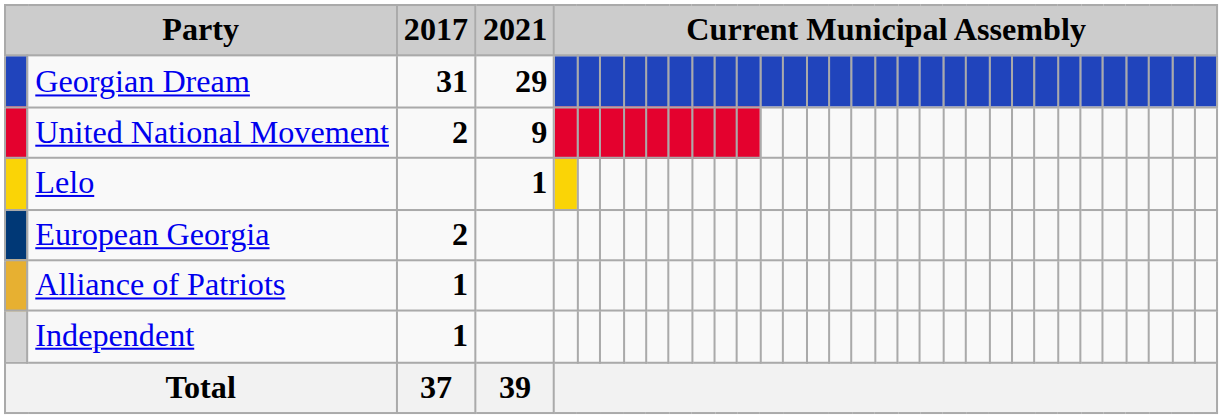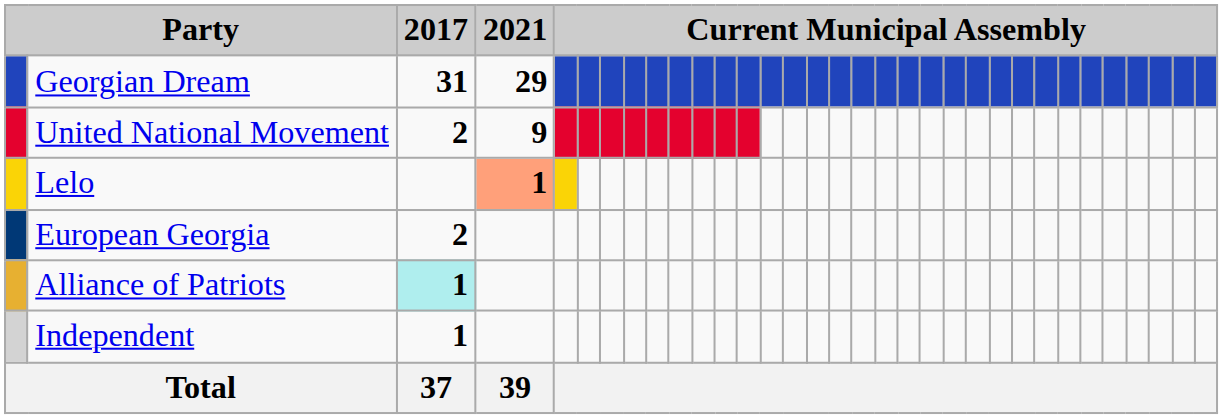 <table class="wikitable">
 <tr>
 <th colspan="2" style="background:#ccc">Party</th>
 <th style="background:#ccc">2017</th>
 <th style="background:#ccc">2021</th>
 <th colspan="33" style="background:#ccc">Current Municipal Assembly</th>
 </tr>
 <tr>
 <td style="background-color: #2044BC "> </td>
 <td><a href='#'>Georgian Dream</a></td>
 <td style="text-align: right"><strong>31</strong></td>
 <td style="text-align: right"><strong>29</strong></td>
 <td style="background-color: #2044BC "> </td>
 <td style="background-color: #2044BC "> </td>
 <td style="background-color: #2044BC "> </td>
 <td style="background-color: #2044BC "> </td>
 <td style="background-color: #2044BC "> </td>
 <td style="background-color: #2044BC "> </td>
 <td style="background-color: #2044BC "> </td>
 <td style="background-color: #2044BC "> </td>
 <td style="background-color: #2044BC "> </td>
 <td style="background-color: #2044BC "> </td>
 <td style="background-color: #2044BC "> </td>
 <td style="background-color: #2044BC "> </td>
 <td style="background-color: #2044BC "> </td>
 <td style="background-color: #2044BC "> </td>
 <td style="background-color: #2044BC "> </td>
 <td style="background-color: #2044BC "> </td>
 <td style="background-color: #2044BC "> </td>
 <td style="background-color: #2044BC "> </td>
 <td style="background-color: #2044BC "> </td>
 <td style="background-color: #2044BC "> </td>
 <td style="background-color: #2044BC "> </td>
 <td style="background-color: #2044BC "> </td>
 <td style="background-color: #2044BC "> </td>
 <td style="background-color: #2044BC "> </td>
 <td style="background-color: #2044BC "> </td>
 <td style="background-color: #2044BC "> </td>
 <td style="background-color: #2044BC "> </td>
 <td style="background-color: #2044BC "> </td>
 <td style="background-color: #2044BC "> </td>
 </tr>
 <tr>
 <td style="background-color: #e4012e "> </td>
 <td><a href='#'>United National Movement</a></td>
 <td style="text-align: right"><strong>2</strong></td>
 <td style="text-align: right"><strong>9</strong></td>
 <td style="background-color: #e4012e "> </td>
 <td style="background-color: #e4012e "> </td>
 <td style="background-color: #e4012e "> </td>
 <td style="background-color: #e4012e "> </td>
 <td style="background-color: #e4012e "> </td>
 <td style="background-color: #e4012e "> </td>
 <td style="background-color: #e4012e "> </td>
 <td style="background-color: #e4012e "> </td>
 <td style="background-color: #e4012e "> </td>
 <td></td>
 <td></td>
 <td></td>
 <td></td>
 <td></td>
 <td></td>
 <td></td>
 <td></td>
 <td></td>
 <td></td>
 <td></td>
 <td></td>
 <td></td>
 <td></td>
 <td></td>
 <td></td>
 <td></td>
 <td></td>
 <td></td>
 <td></td>
 </tr>
 <tr>
 <td style="background-color: #fad406 "> </td>
 <td><a href='#'>Lelo</a></td>
 <td></td>
-<td style="text-align: right"><strong>1</strong></td>
+<td style="background: lightsalmon; text-align: right"><strong>1</strong></td>
 <td style="background-color: #fad406 "> </td>
 <td></td>
 <td></td>
 <td></td>
 <td></td>
 <td></td>
 <td></td>
 <td></td>
 <td></td>
 <td></td>
 <td></td>
 <td></td>
 <td></td>
 <td></td>
 <td></td>
 <td></td>
 <td></td>
 <td></td>
 <td></td>
 <td></td>
 <td></td>
 <td></td>
 <td></td>
 <td></td>
 <td></td>
 <td></td>
 <td></td>
 <td></td>
 <td></td>
 </tr>
 <tr>
 <td style="background-color: #003876 "> </td>
 <td><a href='#'>European Georgia</a></td>
 <td style="text-align: right"><strong>2</strong></td>
 <td></td>
 <td></td>
 <td></td>
 <td></td>
 <td></td>
 <td></td>
 <td></td>
 <td></td>
 <td></td>
 <td></td>
 <td></td>
 <td></td>
 <td></td>
 <td></td>
 <td></td>
 <td></td>
 <td></td>
 <td></td>
 <td></td>
 <td></td>
 <td></td>
 <td></td>
 <td></td>
 <td></td>
 <td></td>
 <td></td>
 <td></td>
 <td></td>
 <td></td>
 <td></td>
 </tr>
 <tr>
 <td style="background-color: #e7b031 "> </td>
 <td><a href='#'>Alliance of Patriots</a></td>
-<td style="text-align: right"><strong>1</strong></td>
+<td style="background: paleturquoise; text-align: right"><strong>1</strong></td>
 <td></td>
 <td></td>
 <td></td>
 <td></td>
 <td></td>
 <td></td>
 <td></td>
 <td></td>
 <td></td>
 <td></td>
 <td></td>
 <td></td>
 <td></td>
 <td></td>
 <td></td>
 <td></td>
 <td></td>
 <td></td>
 <td></td>
 <td></td>
 <td></td>
 <td></td>
 <td></td>
 <td></td>
 <td></td>
 <td></td>
 <td></td>
 <td></td>
 <td></td>
 <td></td>
 </tr>
 <tr>
 <td style="background-color: lightgray "> </td>
 <td><a href='#'>Independent</a></td>
 <td style="text-align: right"><strong>1</strong></td>
 <td></td>
 <td></td>
 <td></td>
 <td></td>
 <td></td>
 <td></td>
 <td></td>
 <td></td>
 <td></td>
 <td></td>
 <td></td>
 <td></td>
 <td></td>
 <td></td>
 <td></td>
 <td></td>
 <td></td>
 <td></td>
 <td></td>
 <td></td>
 <td></td>
 <td></td>
 <td></td>
 <td></td>
 <td></td>
 <td></td>
 <td></td>
 <td></td>
 <td></td>
 <td></td>
 </tr>
 <tr>
 <th colspan="2">Total</th>
 <th align="right">37</th>
 <th align="right">39</th>
 <th colspan="33"> </th>
 </tr>
 </table>
